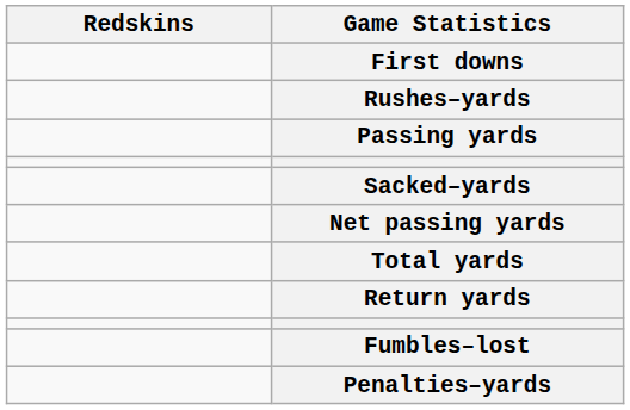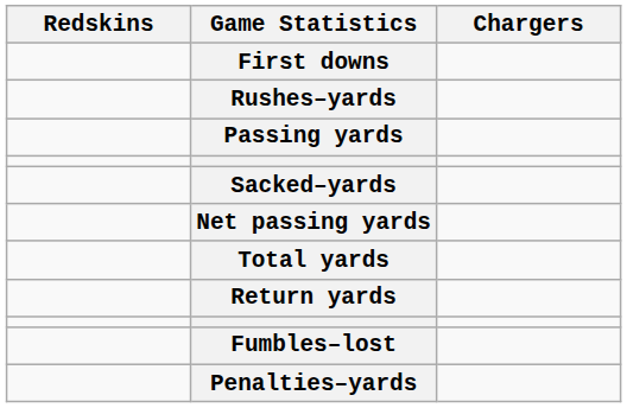 <table class="wikitable" style="margin: 1em auto 1em auto">
 <tr>
 <th style="width:30%;">Redskins</th>
 <th style="width:40%;">Game Statistics</th>
+<th style="width:30%;">Chargers</th>
 </tr>
 <tr>
 <td style="text-align:right;"></td>
 <th>First downs</th>
+<td></td>
 </tr>
 <tr>
 <td style="text-align:right;"></td>
 <th>Rushes–yards</th>
+<td></td>
 </tr>
 <tr>
 <td style="text-align:right;"></td>
 <th>Passing yards</th>
+<td></td>
 </tr>
 <tr>
 <td style="text-align:right;"></td>
 <th></th>
+<td></td>
 </tr>
 <tr>
 <td style="text-align:right;"></td>
 <th>Sacked–yards</th>
+<td></td>
 </tr>
 <tr>
 <td style="text-align:right;"></td>
 <th>Net passing yards</th>
+<td></td>
 </tr>
 <tr>
 <td style="text-align:right;"></td>
 <th>Total yards</th>
+<td></td>
 </tr>
 <tr>
 <td style="text-align:right;"></td>
 <th>Return yards</th>
+<td></td>
 </tr>
 <tr>
 <td style="text-align:right;"></td>
 <th></th>
+<td></td>
 </tr>
 <tr>
 <td style="text-align:right;"></td>
 <th>Fumbles–lost</th>
+<td></td>
 </tr>
 <tr>
 <td style="text-align:right;"></td>
 <th>Penalties–yards</th>
+<td></td>
 </tr>
 </table>
